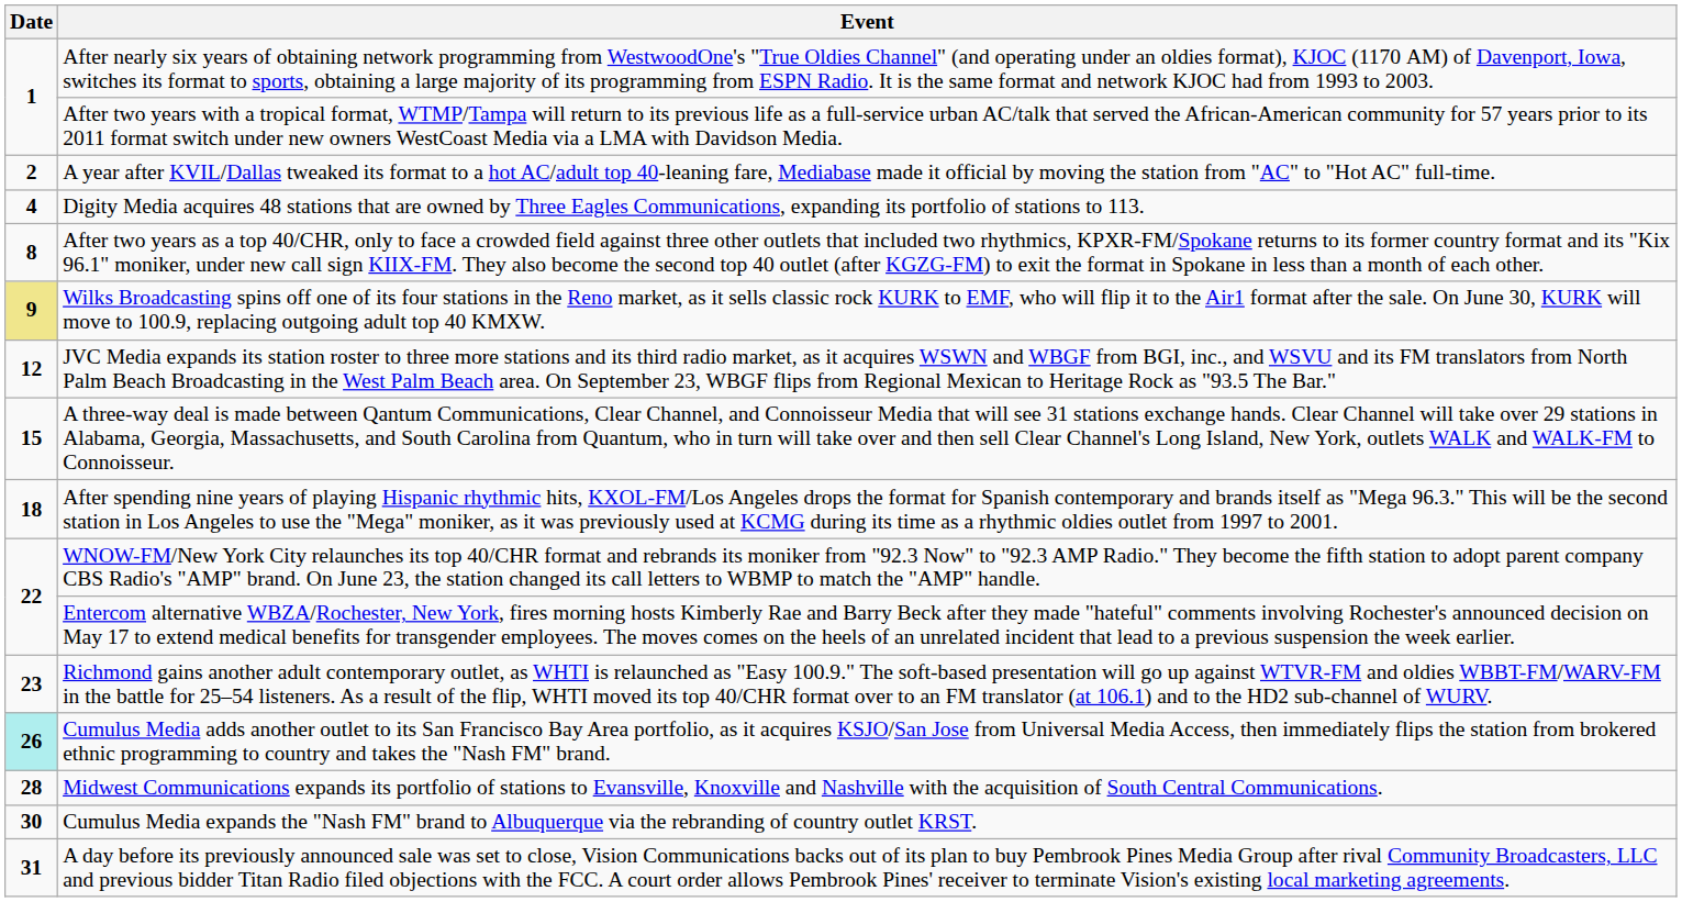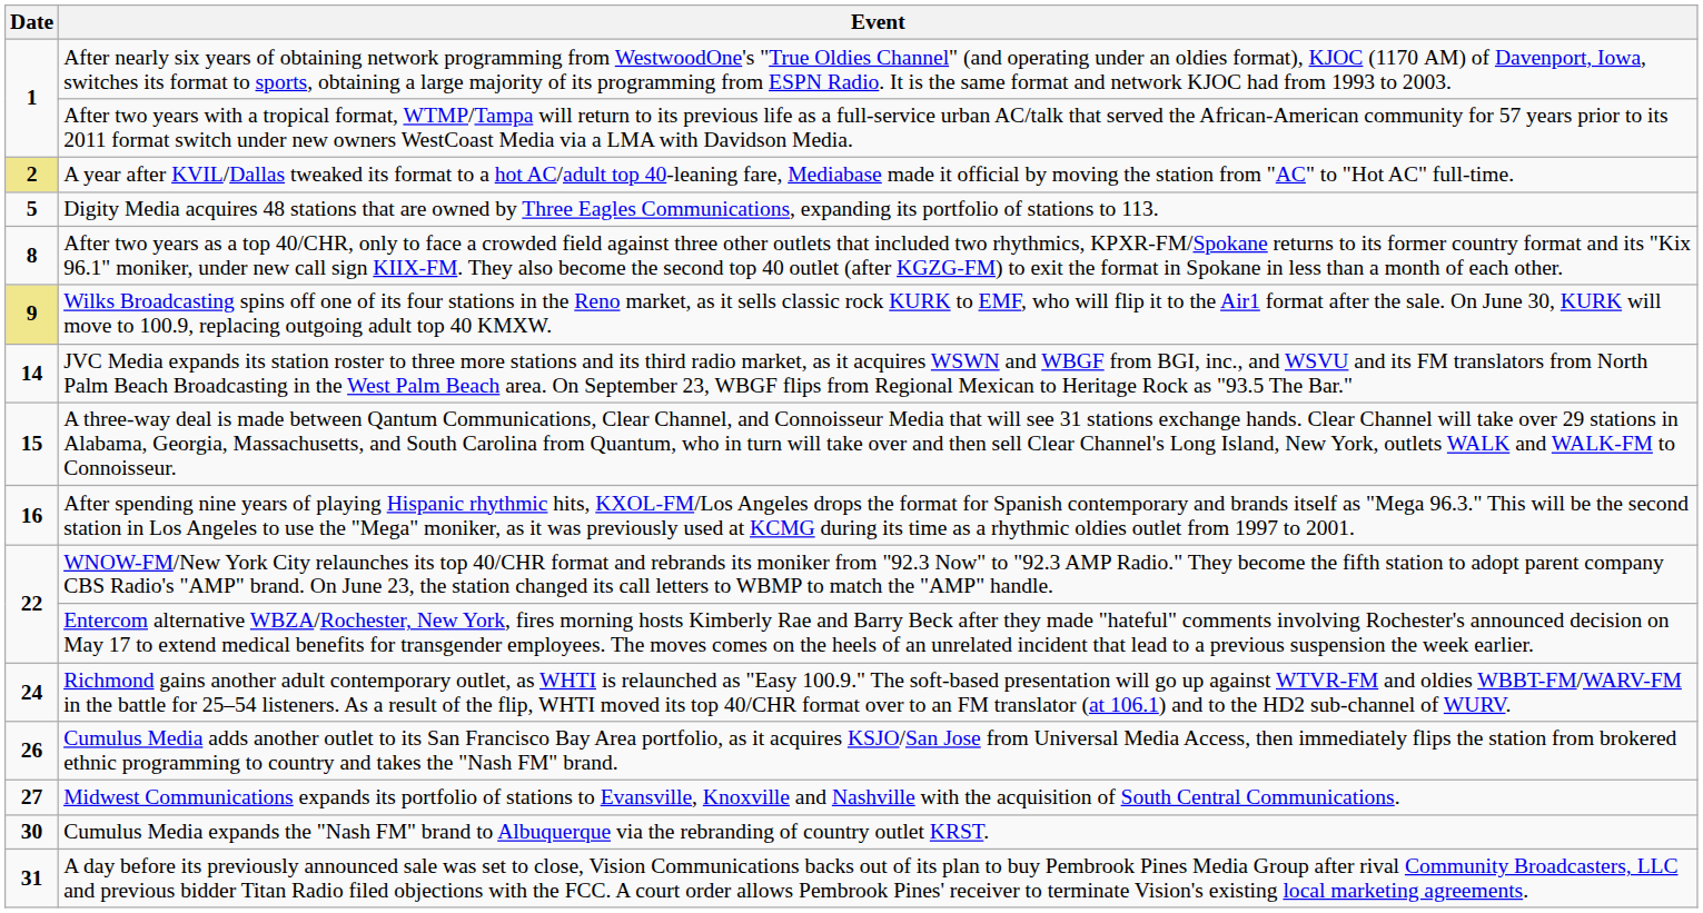 <table class="wikitable">
 <tr>
 <th>Date</th>
 <th>Event</th>
 </tr>
 <tr>
 <td style="text-align:center;" rowspan=2><strong>1</strong></td>
 <td>After nearly six years of obtaining network programming from <a href='#'>WestwoodOne</a>'s "<a href='#'>True Oldies Channel</a>" (and operating under an oldies format), <a href='#'>KJOC</a> (1170 AM) of <a href='#'>Davenport, Iowa</a>, switches its format to <a href='#'>sports</a>, obtaining a large majority of its programming from <a href='#'>ESPN Radio</a>. It is the same format and network KJOC had from 1993 to 2003.</td>
 </tr>
 <tr>
 <td>After two years with a tropical format, <a href='#'>WTMP</a>/<a href='#'>Tampa</a> will return to its previous life as a full-service urban AC/talk that served the African-American community for 57 years prior to its 2011 format switch under new owners WestCoast Media via a LMA with Davidson Media.</td>
 </tr>
 <tr>
-<td style="text-align:center;"><strong>2</strong></td>
+<td style="background: khaki; text-align:center;"><strong>2</strong></td>
 <td>A year after <a href='#'>KVIL</a>/<a href='#'>Dallas</a> tweaked its format to a <a href='#'>hot AC</a>/<a href='#'>adult top 40</a>-leaning fare, <a href='#'>Mediabase</a> made it official by moving the station from "<a href='#'>AC</a>" to "Hot AC" full-time.</td>
 </tr>
 <tr>
-<td style="text-align:center;"><strong>4</strong></td>
+<td style="text-align:center;"><strong>5</strong></td>
 <td>Digity Media acquires 48 stations that are owned by <a href='#'>Three Eagles Communications</a>, expanding its portfolio of stations to 113.</td>
 </tr>
 <tr>
 <td style="text-align:center;"><strong>8</strong></td>
 <td>After two years as a top 40/CHR, only to face a crowded field against three other outlets that included two rhythmics, KPXR-FM/<a href='#'>Spokane</a> returns to its former country format and its "Kix 96.1" moniker, under new call sign <a href='#'>KIIX-FM</a>. They also become the second top 40 outlet (after <a href='#'>KGZG-FM</a>) to exit the format in Spokane in less than a month of each other.</td>
 </tr>
 <tr>
 <td style="background: khaki; text-align:center;"><strong>9</strong></td>
 <td><a href='#'>Wilks Broadcasting</a> spins off one of its four stations in the <a href='#'>Reno</a> market, as it sells classic rock <a href='#'>KURK</a> to <a href='#'>EMF</a>, who will flip it to the <a href='#'>Air1</a> format after the sale. On June 30, <a href='#'>KURK</a> will move to 100.9, replacing outgoing adult top 40 KMXW.</td>
 </tr>
 <tr>
-<td style="text-align:center;"><strong>12</strong></td>
+<td style="text-align:center;"><strong>14</strong></td>
 <td>JVC Media expands its station roster to three more stations and its third radio market, as it acquires <a href='#'>WSWN</a> and <a href='#'>WBGF</a> from BGI, inc., and <a href='#'>WSVU</a> and its FM translators from North Palm Beach Broadcasting in the <a href='#'>West Palm Beach</a> area. On September 23, WBGF flips from Regional Mexican to Heritage Rock as "93.5 The Bar."</td>
 </tr>
 <tr>
 <td style="text-align:center;"><strong>15</strong></td>
 <td>A three-way deal is made between Qantum Communications, Clear Channel, and Connoisseur Media that will see 31 stations exchange hands. Clear Channel will take over 29 stations in Alabama, Georgia, Massachusetts, and South Carolina from Quantum, who in turn will take over and then sell Clear Channel's Long Island, New York, outlets <a href='#'>WALK</a> and <a href='#'>WALK-FM</a> to Connoisseur.</td>
 </tr>
 <tr>
-<td style="text-align:center;"><strong>18</strong></td>
+<td style="text-align:center;"><strong>16</strong></td>
 <td>After spending nine years of playing <a href='#'>Hispanic rhythmic</a> hits, <a href='#'>KXOL-FM</a>/Los Angeles drops the format for Spanish contemporary and brands itself as "Mega 96.3." This will be the second station in Los Angeles to use the "Mega" moniker, as it was previously used at <a href='#'>KCMG</a> during its time as a rhythmic oldies outlet from 1997 to 2001.</td>
 </tr>
 <tr>
 <td style="text-align:center;" rowspan=2><strong>22</strong></td>
 <td><a href='#'>WNOW-FM</a>/New York City relaunches its top 40/CHR format and rebrands its moniker from "92.3 Now" to "92.3 AMP Radio." They become the fifth station to adopt parent company CBS Radio's "AMP" brand. On June 23, the station changed its call letters to WBMP to match the "AMP" handle.</td>
 </tr>
 <tr>
 <td><a href='#'>Entercom</a> alternative <a href='#'>WBZA</a>/<a href='#'>Rochester, New York</a>, fires morning hosts Kimberly Rae and Barry Beck after they made "hateful" comments involving Rochester's announced decision on May 17 to extend medical benefits for transgender employees. The moves comes on the heels of an unrelated incident that lead to a previous suspension the week earlier.</td>
 </tr>
 <tr>
-<td style="text-align:center;"><strong>23</strong></td>
+<td style="text-align:center;"><strong>24</strong></td>
 <td><a href='#'>Richmond</a> gains another adult contemporary outlet, as <a href='#'>WHTI</a> is relaunched as "Easy 100.9." The soft-based presentation will go up against <a href='#'>WTVR-FM</a> and oldies <a href='#'>WBBT-FM</a>/<a href='#'>WARV-FM</a> in the battle for 25–54 listeners. As a result of the flip, WHTI moved its top 40/CHR format over to an FM translator (<a href='#'>at 106.1</a>) and to the HD2 sub-channel of <a href='#'>WURV</a>.</td>
 </tr>
 <tr>
-<td style="background: paleturquoise; text-align:center;"><strong>26</strong></td>
+<td style="text-align:center;"><strong>26</strong></td>
 <td><a href='#'>Cumulus Media</a> adds another outlet to its San Francisco Bay Area portfolio, as it acquires <a href='#'>KSJO</a>/<a href='#'>San Jose</a> from Universal Media Access, then immediately flips the station from brokered ethnic programming to country and takes the "Nash FM" brand.</td>
 </tr>
 <tr>
-<td style="text-align:center;"><strong>28</strong></td>
+<td style="text-align:center;"><strong>27</strong></td>
 <td><a href='#'>Midwest Communications</a> expands its portfolio of stations to <a href='#'>Evansville</a>, <a href='#'>Knoxville</a> and <a href='#'>Nashville</a> with the acquisition of <a href='#'>South Central Communications</a>.</td>
 </tr>
 <tr>
 <td style="text-align:center;"><strong>30</strong></td>
 <td>Cumulus Media expands the "Nash FM" brand to <a href='#'>Albuquerque</a> via the rebranding of country outlet <a href='#'>KRST</a>.</td>
 </tr>
 <tr>
 <td style="text-align:center;"><strong>31</strong></td>
 <td>A day before its previously announced sale was set to close, Vision Communications backs out of its plan to buy Pembrook Pines Media Group after rival <a href='#'>Community Broadcasters, LLC</a> and previous bidder Titan Radio filed objections with the FCC. A court order allows Pembrook Pines' receiver to terminate Vision's existing <a href='#'>local marketing agreements</a>.</td>
 </tr>
 </table>
